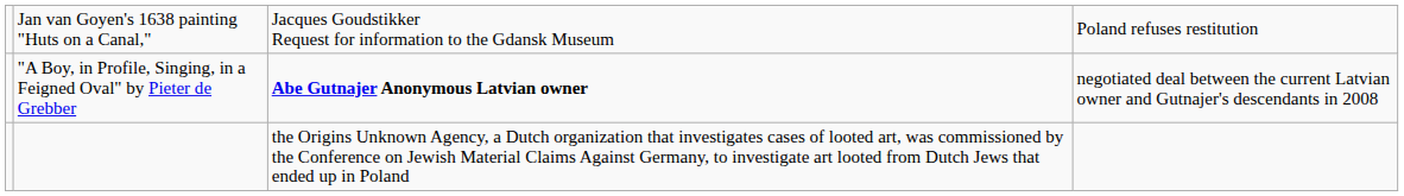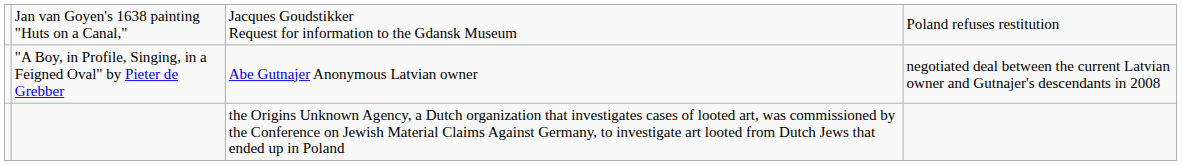 <table class="wikitable alternance centre">
 <tr>
 <td></td>
 <td>Jan van Goyen's 1638 painting "Huts on a Canal,"</td>
 <td>Jacques Goudstikker<br>Request for information to the Gdansk Museum</td>
 <td>Poland refuses restitution</td>
 </tr>
 <tr>
 <td></td>
 <td>"A Boy, in Profile, Singing, in a Feigned Oval" by <a href='#'>Pieter de Grebber</a></td>
-<td><strong><a href='#'>Abe Gutnajer</a> Anonymous Latvian owner</strong></td>
+<td><a href='#'>Abe Gutnajer</a> Anonymous Latvian owner</td>
 <td>negotiated deal between the current Latvian owner and Gutnajer's descendants in 2008</td>
 </tr>
 <tr>
 <td></td>
 <td></td>
 <td>the Origins Unknown Agency, a Dutch organization that investigates cases of looted art, was commissioned by the Conference on Jewish Material Claims Against Germany, to investigate art looted from Dutch Jews that ended up in Poland</td>
 <td></td>
 </tr>
 </table>
